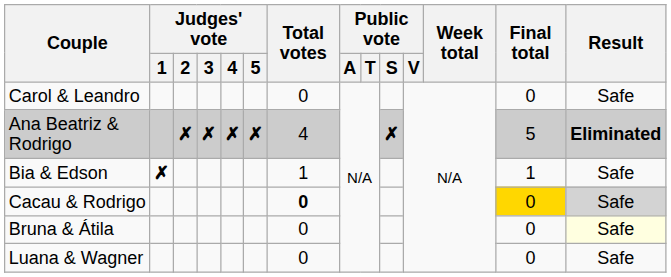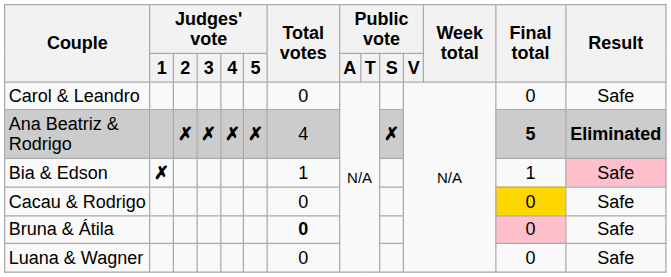 <table class="wikitable" style="font-size:90%; line-height:16px; text-align:center" width="85%">
 <tr>
 <th rowspan=2 width=150>Couple</th>
 <th colspan=5 width=185>Judges' vote</th>
 <th rowspan=2 width=060>Total votes</th>
 <th colspan=4 width=148>Public vote</th>
 <th rowspan=2 width=060>Week total</th>
 <th rowspan=2 width=060>Final total</th>
 <th rowspan=2 width=075>Result</th>
 </tr>
 <tr>
 <th>1</th>
 <th>2</th>
 <th>3</th>
 <th>4</th>
 <th>5</th>
 <th>A</th>
 <th>T</th>
 <th>S</th>
 <th>V</th>
 </tr>
 <tr>
 <td align="left">Carol & Leandro</td>
 <td></td>
 <td></td>
 <td></td>
 <td></td>
 <td></td>
 <td>0</td>
 <td rowspan=6 colspan=2><small>N/A</small></td>
 <td></td>
 <td rowspan=6 colspan=2><small>N/A</small></td>
 <td>0</td>
 <td>Safe</td>
 </tr>
 <tr bgcolor="CCCCCC">
 <td align="left">Ana Beatriz & Rodrigo</td>
 <td></td>
 <td><strong>✗</strong></td>
 <td><strong>✗</strong></td>
 <td><strong>✗</strong></td>
 <td><strong>✗</strong></td>
 <td>4</td>
 <td><strong>✗</strong></td>
-<td>5</td>
+<td><strong>5</strong></td>
 <td><strong>Eliminated</strong></td>
 </tr>
 <tr>
 <td align="left">Bia & Edson</td>
 <td><strong>✗</strong></td>
 <td></td>
 <td></td>
 <td></td>
 <td></td>
 <td>1</td>
 <td></td>
 <td>1</td>
-<td>Safe</td>
+<td style="background: pink;">Safe</td>
 </tr>
 <tr>
 <td align="left">Cacau & Rodrigo</td>
 <td></td>
 <td></td>
 <td></td>
 <td></td>
 <td></td>
-<td><strong>0</strong></td>
+<td>0</td>
 <td></td>
 <td style="background: gold;">0</td>
-<td style="background: lightgrey;">Safe</td>
+<td>Safe</td>
 </tr>
 <tr>
 <td align="left">Bruna & Átila</td>
 <td></td>
 <td></td>
 <td></td>
 <td></td>
 <td></td>
-<td>0</td>
+<td><strong>0</strong></td>
 <td></td>
-<td>0</td>
-<td style="background: lightyellow;">Safe</td>
+<td style="background: pink;">0</td>
+<td>Safe</td>
 </tr>
 <tr>
 <td align="left">Luana & Wagner</td>
 <td></td>
 <td></td>
 <td></td>
 <td></td>
 <td></td>
 <td>0</td>
 <td></td>
 <td>0</td>
 <td>Safe</td>
 </tr>
 </table>
